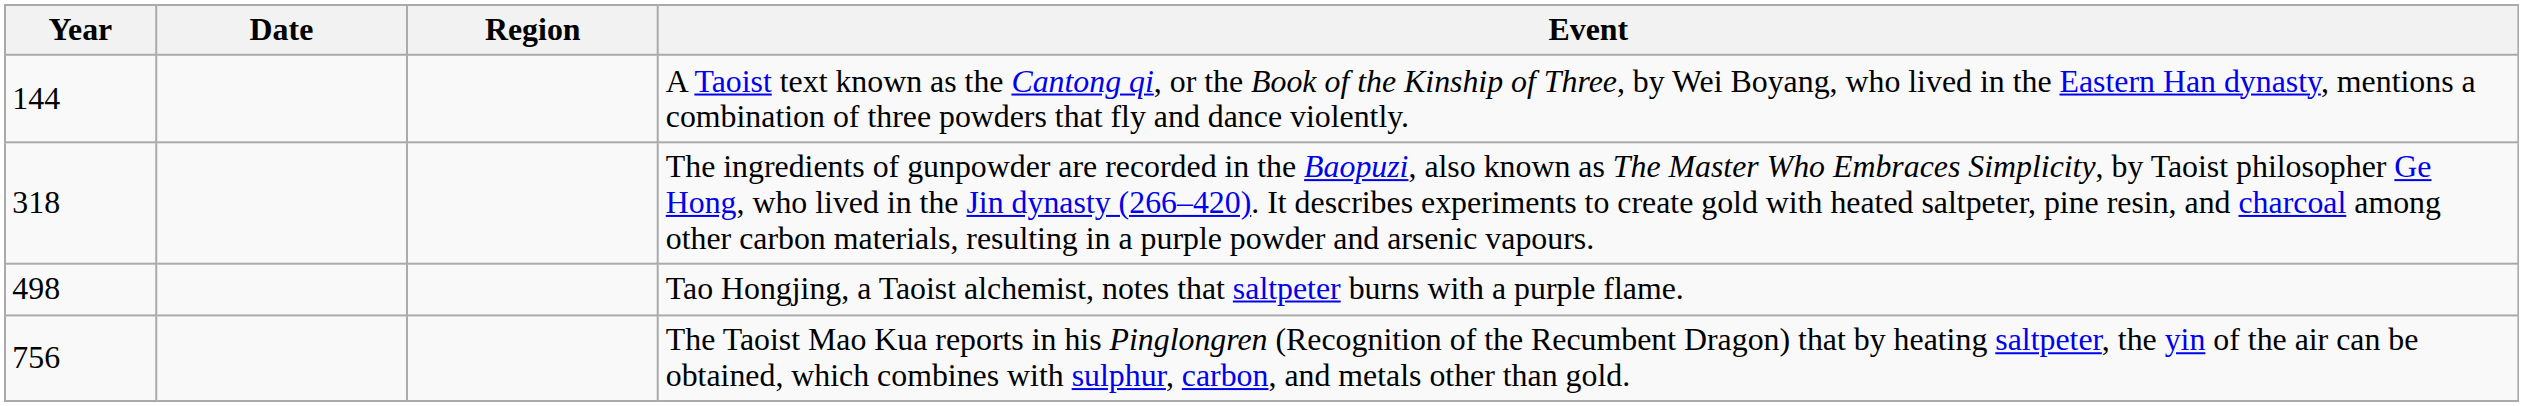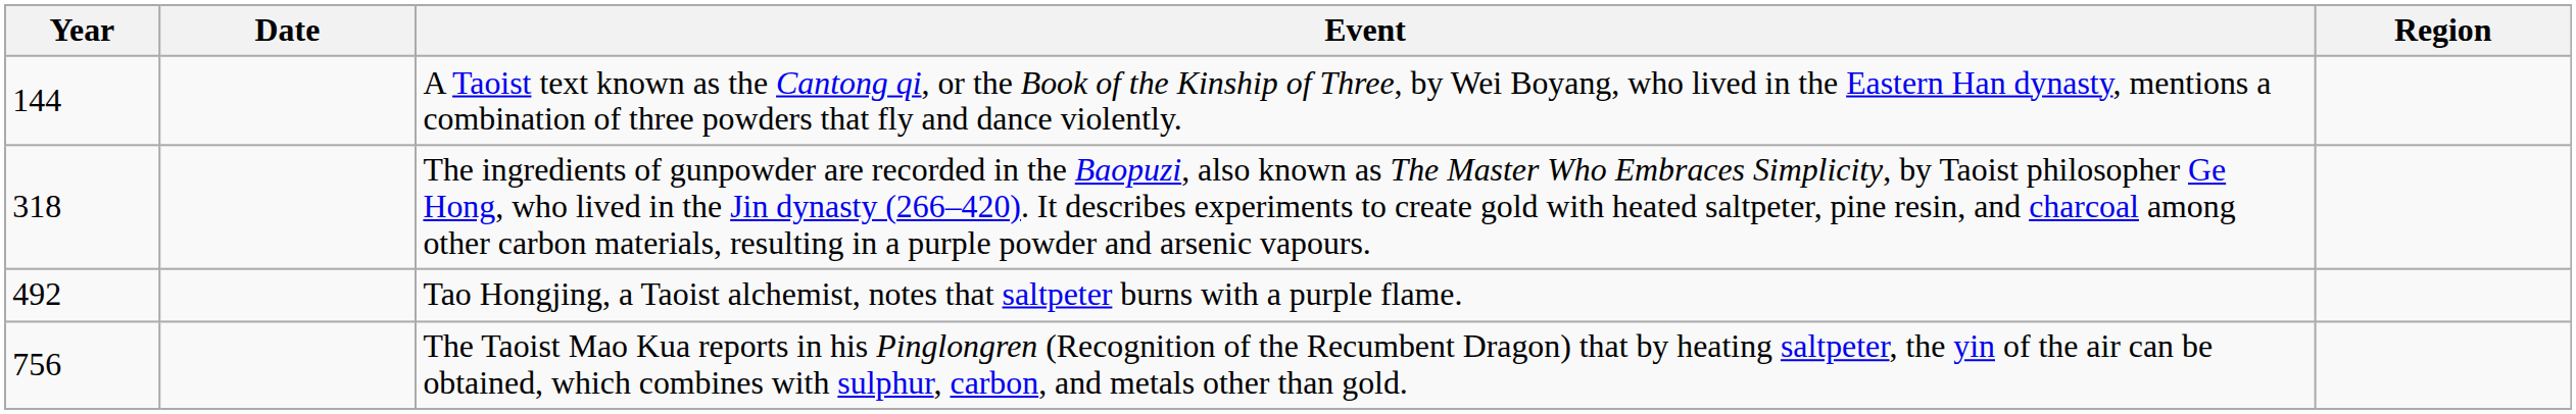 <table class="wikitable" width="100%">
 <tr>
 <th style="width:6%">Year</th>
 <th style="width:10%">Date</th>
+<th>Event</th>
 <th style="width:10%">Region</th>
-<th>Event</th>
 </tr>
 <tr>
 <td>144</td>
 <td></td>
+<td>A <a href='#'>Taoist</a> text known as the <em><a href='#'>Cantong qi</a></em>, or the <em>Book of the Kinship of Three</em>, by Wei Boyang, who lived in the <a href='#'>Eastern Han dynasty</a>, mentions a combination of three powders that fly and dance violently.</td>
 <td></td>
-<td>A <a href='#'>Taoist</a> text known as the <em><a href='#'>Cantong qi</a></em>, or the <em>Book of the Kinship of Three</em>, by Wei Boyang, who lived in the <a href='#'>Eastern Han dynasty</a>, mentions a combination of three powders that fly and dance violently.</td>
 </tr>
 <tr>
 <td>318</td>
 <td></td>
+<td>The ingredients of gunpowder are recorded in the <em><a href='#'>Baopuzi</a></em>, also known as <em>The Master Who Embraces Simplicity</em>, by Taoist philosopher <a href='#'>Ge Hong</a>, who lived in the <a href='#'>Jin dynasty (266–420)</a>. It describes experiments to create gold with heated saltpeter, pine resin, and <a href='#'>charcoal</a> among other carbon materials, resulting in a purple powder and arsenic vapours.</td>
 <td></td>
-<td>The ingredients of gunpowder are recorded in the <em><a href='#'>Baopuzi</a></em>, also known as <em>The Master Who Embraces Simplicity</em>, by Taoist philosopher <a href='#'>Ge Hong</a>, who lived in the <a href='#'>Jin dynasty (266–420)</a>. It describes experiments to create gold with heated saltpeter, pine resin, and <a href='#'>charcoal</a> among other carbon materials, resulting in a purple powder and arsenic vapours.</td>
 </tr>
 <tr>
-<td>498</td>
-<td></td>
+<td>492</td>
 <td></td>
 <td>Tao Hongjing, a Taoist alchemist, notes that <a href='#'>saltpeter</a> burns with a purple flame.</td>
+<td></td>
 </tr>
 <tr>
 <td>756</td>
 <td></td>
+<td>The Taoist Mao Kua reports in his <em>Pinglongren</em> (Recognition of the Recumbent Dragon) that by heating <a href='#'>saltpeter</a>, the <a href='#'>yin</a> of the air can be obtained, which combines with <a href='#'>sulphur</a>, <a href='#'>carbon</a>, and metals other than gold.</td>
 <td></td>
-<td>The Taoist Mao Kua reports in his <em>Pinglongren</em> (Recognition of the Recumbent Dragon) that by heating <a href='#'>saltpeter</a>, the <a href='#'>yin</a> of the air can be obtained, which combines with <a href='#'>sulphur</a>, <a href='#'>carbon</a>, and metals other than gold.</td>
 </tr>
 </table>
